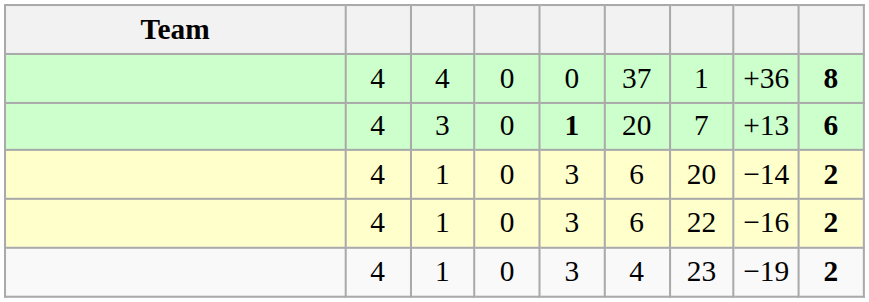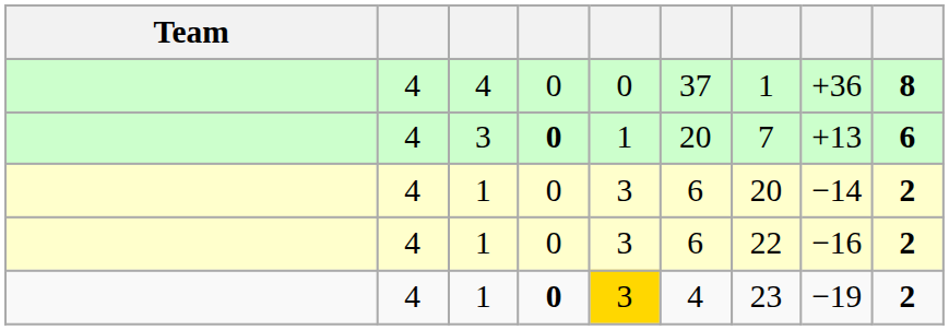 <table class="wikitable" style="text-align: center; font-size:90% ">
 <tr>
 <th width=160>Team</th>
 <th width=25></th>
 <th width=25></th>
 <th width=25></th>
 <th width=25></th>
 <th width=25></th>
 <th width=25></th>
 <th width=25></th>
 <th width=25></th>
 </tr>
 <tr bgcolor="ccffcc">
 <td align=left></td>
 <td>4</td>
 <td>4</td>
 <td>0</td>
 <td>0</td>
 <td>37</td>
 <td>1</td>
 <td>+36</td>
 <td><strong>8</strong></td>
 </tr>
 <tr bgcolor="ccffcc">
 <td align=left></td>
 <td>4</td>
 <td>3</td>
-<td>0</td>
-<td><strong>1</strong></td>
+<td><strong>0</strong></td>
+<td>1</td>
 <td>20</td>
 <td>7</td>
 <td>+13</td>
 <td><strong>6</strong></td>
 </tr>
 <tr bgcolor="ffffcc">
 <td align=left></td>
 <td>4</td>
 <td>1</td>
 <td>0</td>
 <td>3</td>
 <td>6</td>
 <td>20</td>
 <td>−14</td>
 <td><strong>2</strong></td>
 </tr>
 <tr bgcolor="ffffcc">
 <td align=left></td>
 <td>4</td>
 <td>1</td>
 <td>0</td>
 <td>3</td>
 <td>6</td>
 <td>22</td>
 <td>−16</td>
 <td><strong>2</strong></td>
 </tr>
 <tr>
 <td align=left></td>
 <td>4</td>
 <td>1</td>
-<td>0</td>
-<td>3</td>
+<td><strong>0</strong></td>
+<td style="background: gold;">3</td>
 <td>4</td>
 <td>23</td>
 <td>−19</td>
 <td><strong>2</strong></td>
 </tr>
 </table>
